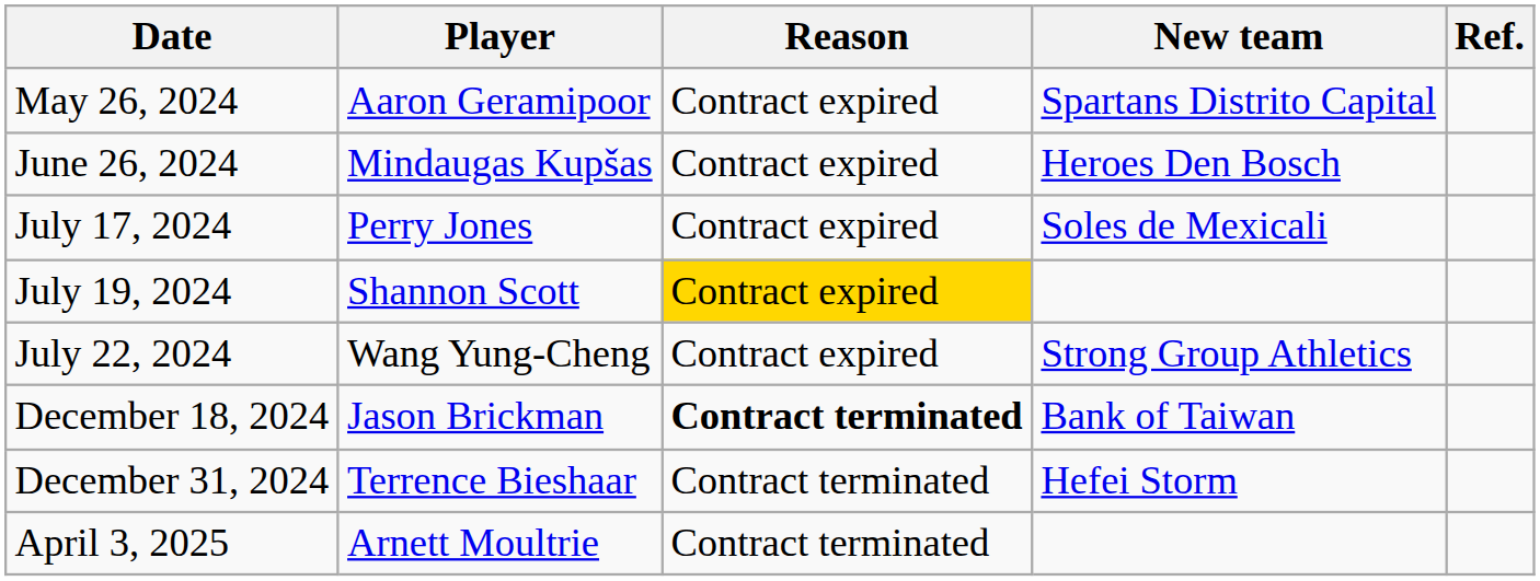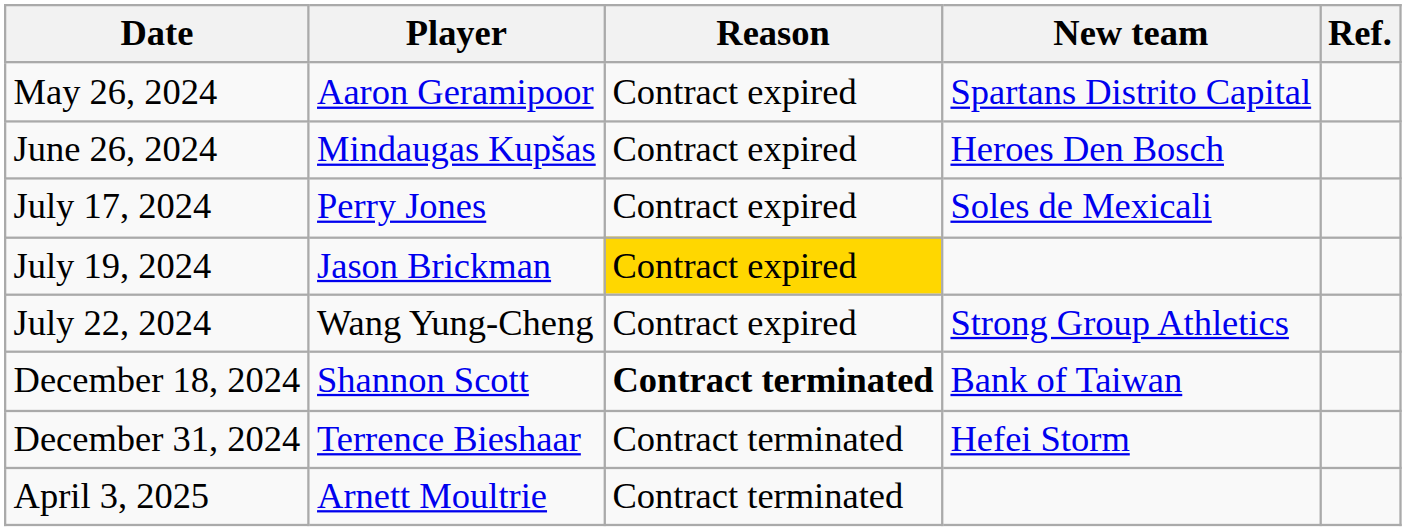 <table class="wikitable">
 <tr>
 <th>Date</th>
 <th>Player</th>
 <th>Reason</th>
 <th>New team</th>
 <th>Ref.</th>
 </tr>
 <tr>
 <td>May 26, 2024</td>
 <td><a href='#'>Aaron Geramipoor</a></td>
 <td>Contract expired</td>
 <td> <a href='#'>Spartans Distrito Capital</a></td>
 <td></td>
 </tr>
 <tr>
 <td>June 26, 2024</td>
 <td><a href='#'>Mindaugas Kupšas</a></td>
 <td>Contract expired</td>
 <td> <a href='#'>Heroes Den Bosch</a></td>
 <td></td>
 </tr>
 <tr>
 <td>July 17, 2024</td>
 <td><a href='#'>Perry Jones</a></td>
 <td>Contract expired</td>
 <td> <a href='#'>Soles de Mexicali</a></td>
 <td></td>
 </tr>
 <tr>
 <td>July 19, 2024</td>
-<td><a href='#'>Shannon Scott</a></td>
+<td><a href='#'>Jason Brickman</a></td>
 <td style="background: gold;">Contract expired</td>
 <td></td>
 <td></td>
 </tr>
 <tr>
 <td>July 22, 2024</td>
 <td>Wang Yung-Cheng</td>
 <td>Contract expired</td>
 <td> <a href='#'>Strong Group Athletics</a></td>
 <td></td>
 </tr>
 <tr>
 <td>December 18, 2024</td>
-<td><a href='#'>Jason Brickman</a></td>
+<td><a href='#'>Shannon Scott</a></td>
 <td><strong>Contract terminated</strong></td>
 <td> <a href='#'>Bank of Taiwan</a></td>
 <td></td>
 </tr>
 <tr>
 <td>December 31, 2024</td>
 <td><a href='#'>Terrence Bieshaar</a></td>
 <td>Contract terminated</td>
 <td> <a href='#'>Hefei Storm</a></td>
 <td></td>
 </tr>
 <tr>
 <td>April 3, 2025</td>
 <td><a href='#'>Arnett Moultrie</a></td>
 <td>Contract terminated</td>
 <td></td>
 <td></td>
 </tr>
 </table>
